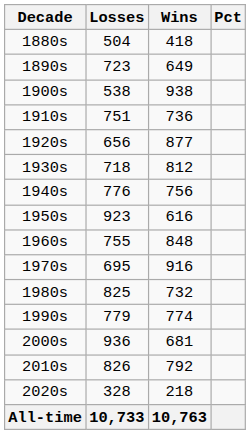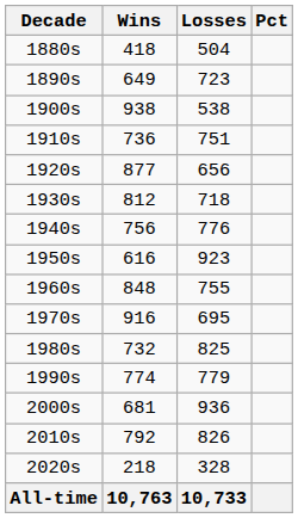 <table class="wikitable" style="text-align:center">
 <tr>
 <th style="text-align:center; ">Decade</th>
+<th style="text-align:center; ">Wins</th>
 <th style="text-align:center; ">Losses</th>
-<th style="text-align:center; ">Wins</th>
 <th style="text-align:center; ">Pct</th>
 </tr>
 <tr>
 <td>1880s</td>
+<td>418</td>
 <td>504</td>
-<td>418</td>
 <td></td>
 </tr>
 <tr>
 <td>1890s</td>
+<td>649</td>
 <td>723</td>
-<td>649</td>
 <td></td>
 </tr>
 <tr>
 <td>1900s</td>
+<td>938</td>
 <td>538</td>
-<td>938</td>
 <td></td>
 </tr>
 <tr>
 <td>1910s</td>
+<td>736</td>
 <td>751</td>
-<td>736</td>
 <td></td>
 </tr>
 <tr>
 <td>1920s</td>
+<td>877</td>
 <td>656</td>
-<td>877</td>
 <td></td>
 </tr>
 <tr>
 <td>1930s</td>
+<td>812</td>
 <td>718</td>
-<td>812</td>
 <td></td>
 </tr>
 <tr>
 <td>1940s</td>
+<td>756</td>
 <td>776</td>
-<td>756</td>
 <td></td>
 </tr>
 <tr>
 <td>1950s</td>
+<td>616</td>
 <td>923</td>
-<td>616</td>
 <td></td>
 </tr>
 <tr>
 <td>1960s</td>
+<td>848</td>
 <td>755</td>
-<td>848</td>
 <td></td>
 </tr>
 <tr>
 <td>1970s</td>
+<td>916</td>
 <td>695</td>
-<td>916</td>
 <td></td>
 </tr>
 <tr>
 <td>1980s</td>
+<td>732</td>
 <td>825</td>
-<td>732</td>
 <td></td>
 </tr>
 <tr>
 <td>1990s</td>
+<td>774</td>
 <td>779</td>
-<td>774</td>
 <td></td>
 </tr>
 <tr>
 <td>2000s</td>
+<td>681</td>
 <td>936</td>
-<td>681</td>
 <td></td>
 </tr>
 <tr>
 <td>2010s</td>
+<td>792</td>
 <td>826</td>
-<td>792</td>
 <td></td>
 </tr>
 <tr>
 <td>2020s</td>
+<td>218</td>
 <td>328</td>
-<td>218</td>
 <td></td>
 </tr>
 <tr style="background:#f0f0f0; font-weight:bold">
 <th style="text-align:center; ">All-time</th>
+<th style="text-align:center; ">10,763</th>
 <th style="text-align:center; ">10,733</th>
-<th style="text-align:center; ">10,763</th>
 <th style="text-align:center; "></th>
 </tr>
 </table>
